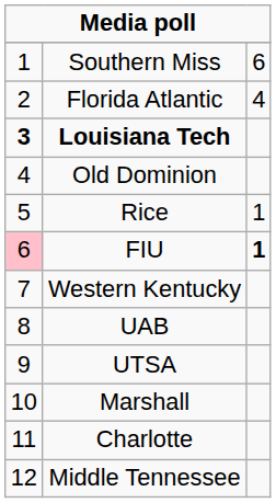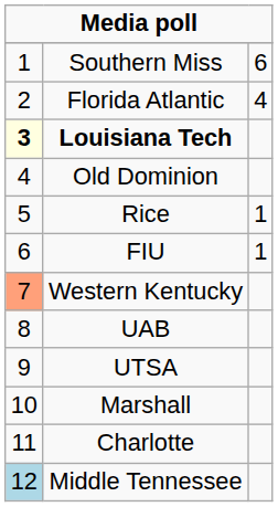 <table class="wikitable">
 <tr align="center">
 <td align="center" Colspan="3"><strong>Media poll</strong></td>
 </tr>
 <tr align="center">
 </tr>
 <tr align="center">
 <td>1</td>
 <td>Southern Miss</td>
 <td>6</td>
 </tr>
 <tr align="center">
 <td>2</td>
 <td>Florida Atlantic</td>
 <td>4</td>
 </tr>
 <tr align="center">
-<td><strong>3</strong></td>
+<td style="background: lightyellow;"><strong>3</strong></td>
 <td><strong>Louisiana Tech</strong></td>
 <td></td>
 </tr>
 <tr align="center">
 <td>4</td>
 <td>Old Dominion</td>
 <td></td>
 </tr>
 <tr align="center">
 <td>5</td>
 <td>Rice</td>
 <td>1</td>
 </tr>
 <tr align="center">
-<td style="background: pink;">6</td>
+<td>6</td>
 <td>FIU</td>
-<td><strong>1</strong></td>
+<td>1</td>
 </tr>
 <tr align="center">
-<td>7</td>
+<td style="background: lightsalmon;">7</td>
 <td>Western Kentucky</td>
 <td></td>
 </tr>
 <tr align="center">
 <td>8</td>
 <td>UAB</td>
 <td></td>
 </tr>
 <tr align="center">
 <td>9</td>
 <td>UTSA</td>
 <td></td>
 </tr>
 <tr align="center">
 <td>10</td>
 <td>Marshall</td>
 <td></td>
 </tr>
 <tr align="center">
 <td>11</td>
 <td>Charlotte</td>
 <td></td>
 </tr>
 <tr align="center">
-<td>12</td>
+<td style="background: lightblue;">12</td>
 <td>Middle Tennessee</td>
 <td></td>
 </tr>
 </table>
